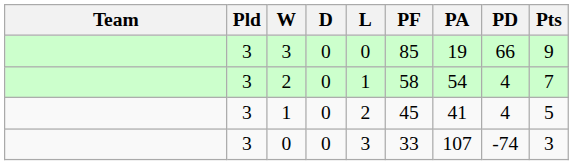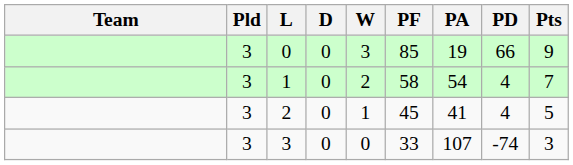 <table class="wikitable" style="text-align:center;">
 <tr>
 <th width=175>Team</th>
 <th width=25 abbr="Played">Pld</th>
+<th width=25 abbr="Lost">L</th>
+<th width=25 abbr="Drawn">D</th>
 <th width=25 abbr="Won">W</th>
-<th width=25 abbr="Drawn">D</th>
-<th width=25 abbr="Lost">L</th>
 <th width=32 abbr="Points for">PF</th>
 <th width=32 abbr="Points against">PA</th>
 <th width=32 abbr="Points difference">PD</th>
 <th width=25 abbr="Points">Pts</th>
 </tr>
 <tr bgcolor="#ccffcc">
 <td align=left></td>
 <td>3</td>
-<td>3</td>
 <td>0</td>
 <td>0</td>
+<td>3</td>
 <td>85</td>
 <td>19</td>
 <td>66</td>
 <td>9</td>
 </tr>
 <tr bgcolor="#ccffcc">
 <td align=left></td>
 <td>3</td>
+<td>1</td>
+<td>0</td>
 <td>2</td>
-<td>0</td>
-<td>1</td>
 <td>58</td>
 <td>54</td>
 <td>4</td>
 <td>7</td>
 </tr>
 <tr>
 <td align=left></td>
 <td>3</td>
+<td>2</td>
+<td>0</td>
 <td>1</td>
-<td>0</td>
-<td>2</td>
 <td>45</td>
 <td>41</td>
 <td>4</td>
 <td>5</td>
 </tr>
 <tr>
 <td align=left></td>
 <td>3</td>
+<td>3</td>
 <td>0</td>
 <td>0</td>
-<td>3</td>
 <td>33</td>
 <td>107</td>
 <td>-74</td>
 <td>3</td>
 </tr>
 </table>
